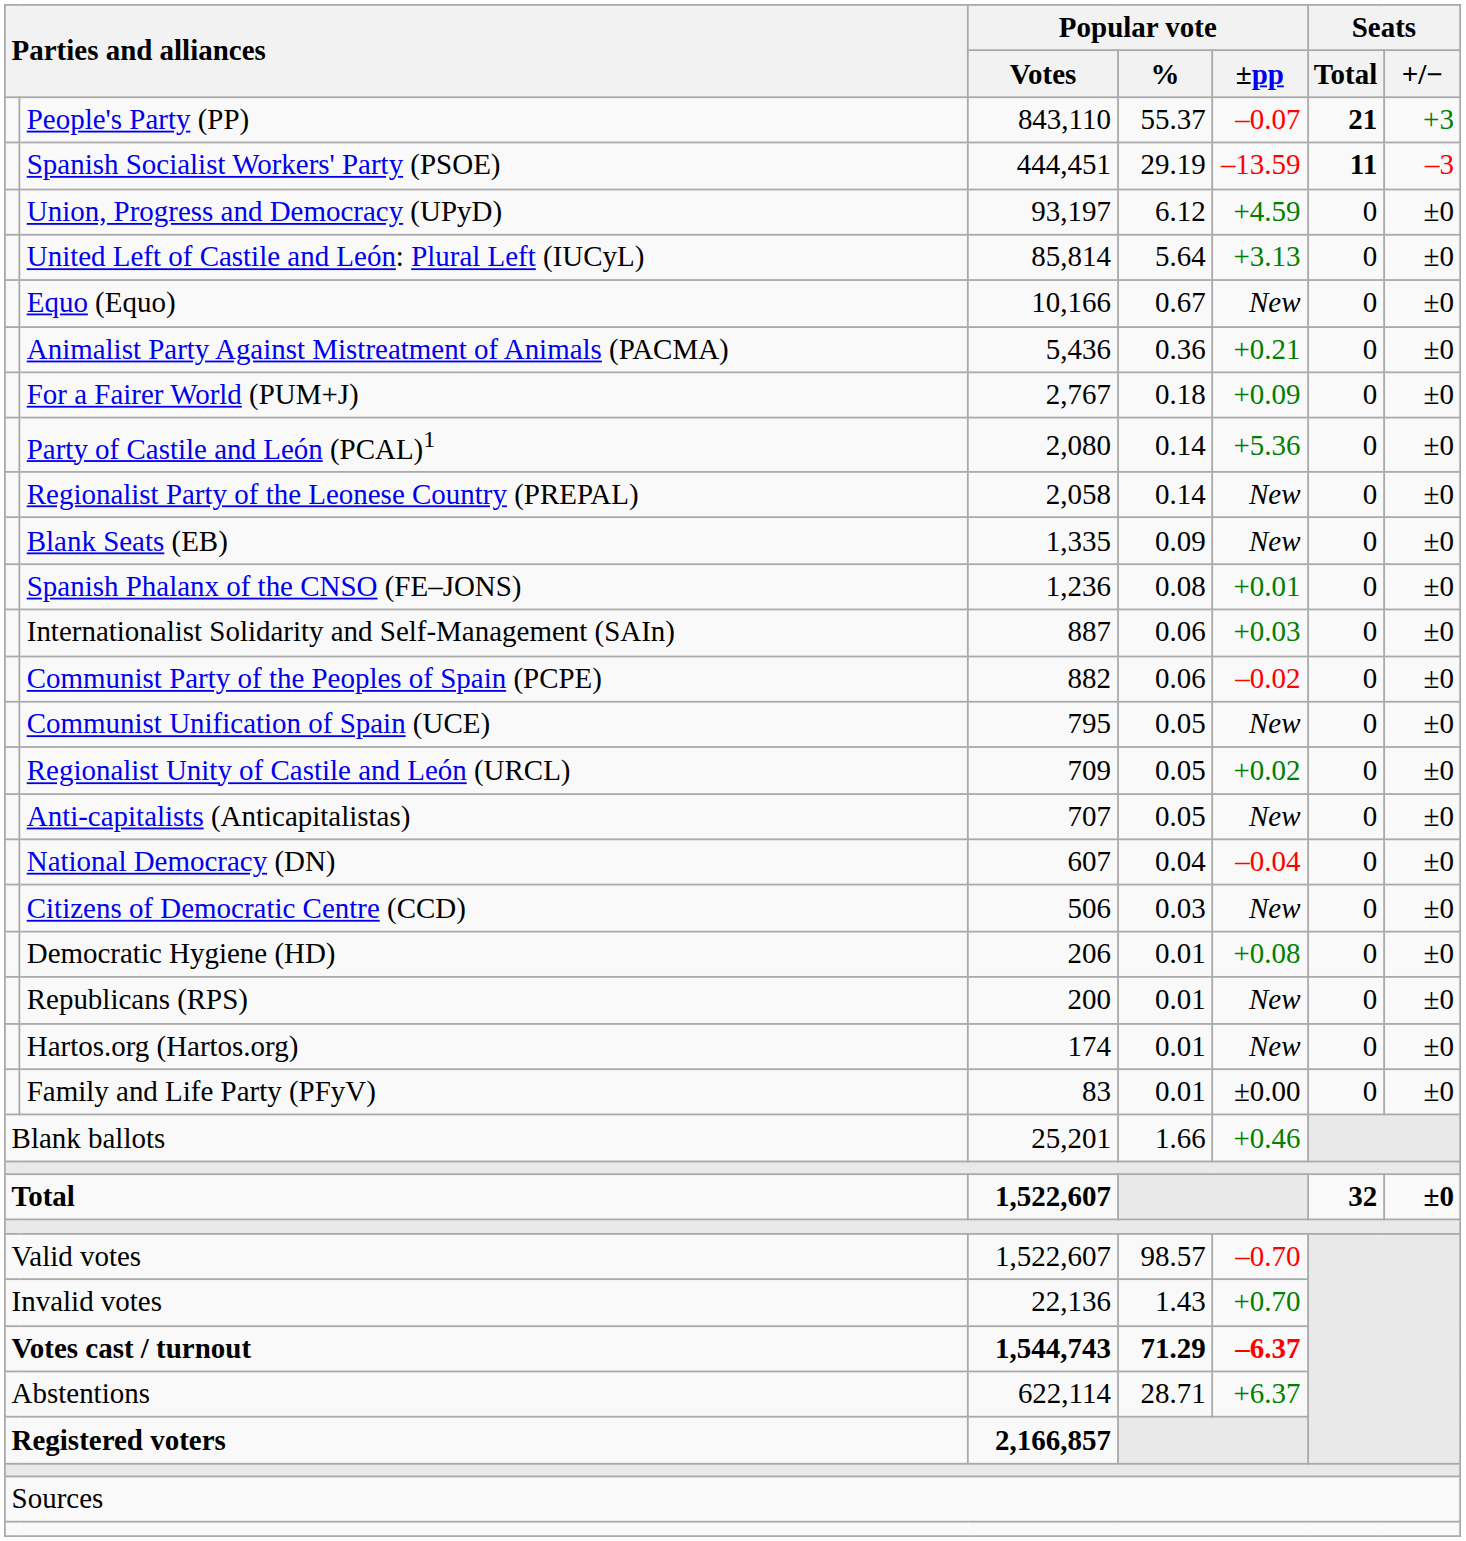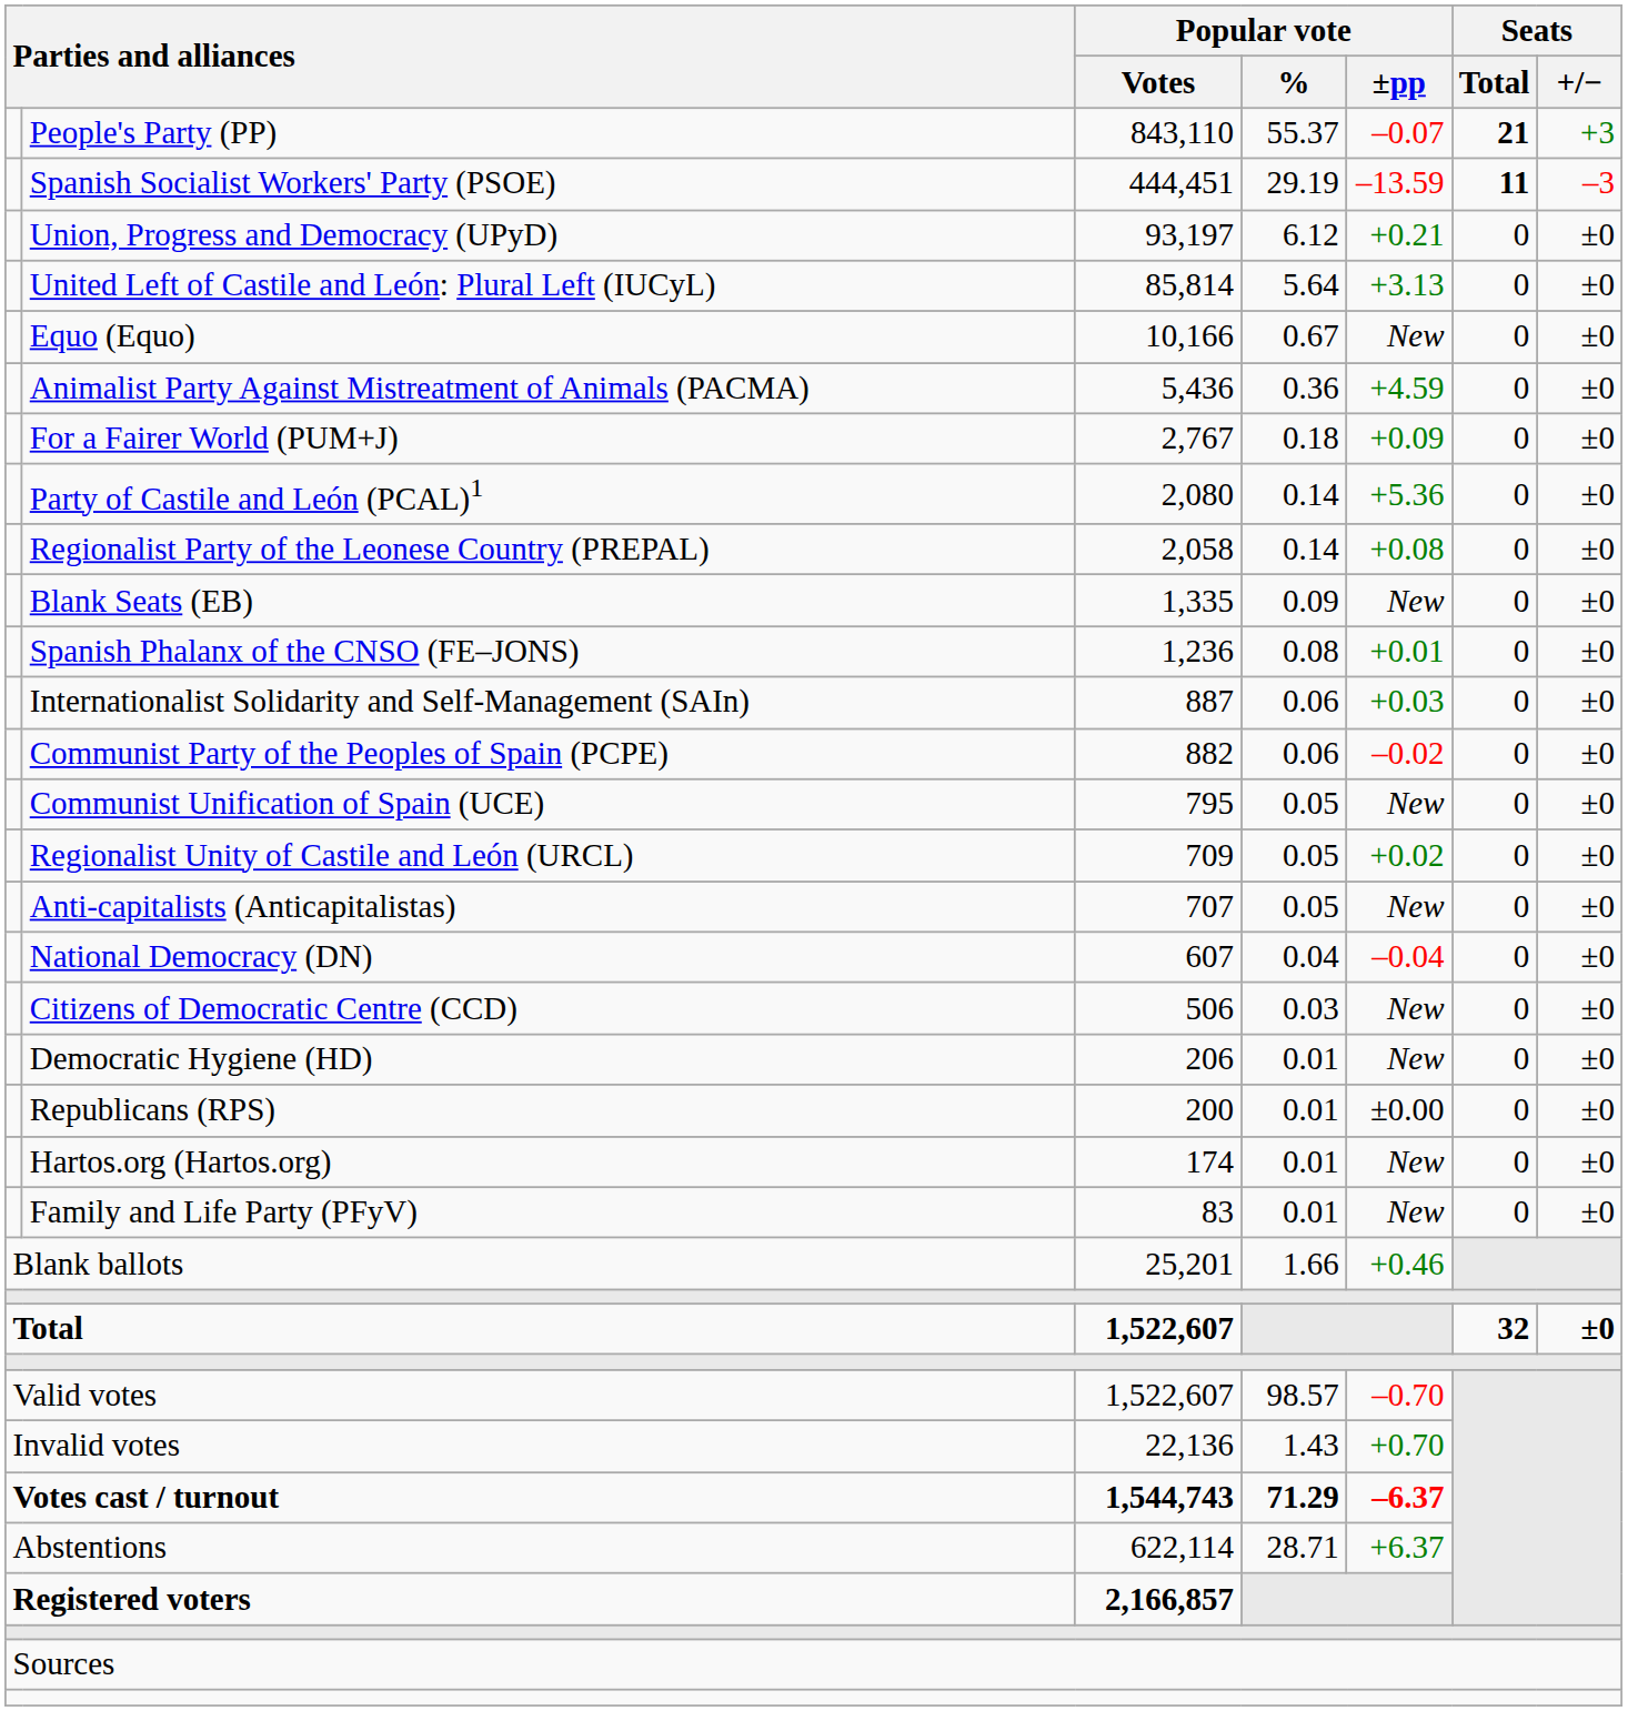 <table class="wikitable" style="text-align:right;">
 <tr>
 <th style="text-align:left;" rowspan="2" colspan="2" width="525">Parties and alliances</th>
 <th colspan="3">Popular vote</th>
 <th colspan="2">Seats</th>
 </tr>
 <tr>
 <th width="75">Votes</th>
 <th width="45">%</th>
 <th width="45">±<a href='#'>pp</a></th>
 <th width="35">Total</th>
 <th width="35">+/−</th>
 </tr>
 <tr>
 <td width="1" style="color:inherit;background:"></td>
 <td align="left"><a href='#'>People's Party</a> (PP)</td>
 <td>843,110</td>
 <td>55.37</td>
 <td style="color:red;">–0.07</td>
 <td><strong>21</strong></td>
 <td style="color:green;">+3</td>
 </tr>
 <tr>
 <td style="color:inherit;background:"></td>
 <td align="left"><a href='#'>Spanish Socialist Workers' Party</a> (PSOE)</td>
 <td>444,451</td>
 <td>29.19</td>
 <td style="color:red;">–13.59</td>
 <td><strong>11</strong></td>
 <td style="color:red;">–3</td>
 </tr>
 <tr>
 <td style="color:inherit;background:"></td>
 <td align="left"><a href='#'>Union, Progress and Democracy</a> (UPyD)</td>
 <td>93,197</td>
 <td>6.12</td>
-<td style="color:green;">+4.59</td>
+<td style="color:green;">+0.21</td>
 <td>0</td>
 <td>±0</td>
 </tr>
 <tr>
 <td style="color:inherit;background:"></td>
 <td align="left"><a href='#'>United Left of Castile and León</a>: <a href='#'>Plural Left</a> (IUCyL)</td>
 <td>85,814</td>
 <td>5.64</td>
 <td style="color:green;">+3.13</td>
 <td>0</td>
 <td>±0</td>
 </tr>
 <tr>
 <td style="color:inherit;background:"></td>
 <td align="left"><a href='#'>Equo</a> (Equo)</td>
 <td>10,166</td>
 <td>0.67</td>
 <td><em>New</em></td>
 <td>0</td>
 <td>±0</td>
 </tr>
 <tr>
 <td style="color:inherit;background:"></td>
 <td align="left"><a href='#'>Animalist Party Against Mistreatment of Animals</a> (PACMA)</td>
 <td>5,436</td>
 <td>0.36</td>
-<td style="color:green;">+0.21</td>
+<td style="color:green;">+4.59</td>
 <td>0</td>
 <td>±0</td>
 </tr>
 <tr>
 <td style="color:inherit;background:"></td>
 <td align="left"><a href='#'>For a Fairer World</a> (PUM+J)</td>
 <td>2,767</td>
 <td>0.18</td>
 <td style="color:green;">+0.09</td>
 <td>0</td>
 <td>±0</td>
 </tr>
 <tr>
 <td style="color:inherit;background:"></td>
 <td align="left"><a href='#'>Party of Castile and León</a> (PCAL)<sup>1</sup></td>
 <td>2,080</td>
 <td>0.14</td>
 <td style="color:green;">+5.36</td>
 <td>0</td>
 <td>±0</td>
 </tr>
 <tr>
 <td style="color:inherit;background:"></td>
 <td align="left"><a href='#'>Regionalist Party of the Leonese Country</a> (PREPAL)</td>
 <td>2,058</td>
 <td>0.14</td>
-<td><em>New</em></td>
+<td style="color:green;">+0.08</td>
 <td>0</td>
 <td>±0</td>
 </tr>
 <tr>
 <td style="color:inherit;background:"></td>
 <td align="left"><a href='#'>Blank Seats</a> (EB)</td>
 <td>1,335</td>
 <td>0.09</td>
 <td><em>New</em></td>
 <td>0</td>
 <td>±0</td>
 </tr>
 <tr>
 <td style="color:inherit;background:"></td>
 <td align="left"><a href='#'>Spanish Phalanx of the CNSO</a> (FE–JONS)</td>
 <td>1,236</td>
 <td>0.08</td>
 <td style="color:green;">+0.01</td>
 <td>0</td>
 <td>±0</td>
 </tr>
 <tr>
 <td style="color:inherit;background:"></td>
 <td align="left">Internationalist Solidarity and Self-Management (SAIn)</td>
 <td>887</td>
 <td>0.06</td>
 <td style="color:green;">+0.03</td>
 <td>0</td>
 <td>±0</td>
 </tr>
 <tr>
 <td style="color:inherit;background:"></td>
 <td align="left"><a href='#'>Communist Party of the Peoples of Spain</a> (PCPE)</td>
 <td>882</td>
 <td>0.06</td>
 <td style="color:red;">–0.02</td>
 <td>0</td>
 <td>±0</td>
 </tr>
 <tr>
 <td style="color:inherit;background:"></td>
 <td align="left"><a href='#'>Communist Unification of Spain</a> (UCE)</td>
 <td>795</td>
 <td>0.05</td>
 <td><em>New</em></td>
 <td>0</td>
 <td>±0</td>
 </tr>
 <tr>
 <td style="color:inherit;background:"></td>
 <td align="left"><a href='#'>Regionalist Unity of Castile and León</a> (URCL)</td>
 <td>709</td>
 <td>0.05</td>
 <td style="color:green;">+0.02</td>
 <td>0</td>
 <td>±0</td>
 </tr>
 <tr>
 <td style="color:inherit;background:"></td>
 <td align="left"><a href='#'>Anti-capitalists</a> (Anticapitalistas)</td>
 <td>707</td>
 <td>0.05</td>
 <td><em>New</em></td>
 <td>0</td>
 <td>±0</td>
 </tr>
 <tr>
 <td style="color:inherit;background:"></td>
 <td align="left"><a href='#'>National Democracy</a> (DN)</td>
 <td>607</td>
 <td>0.04</td>
 <td style="color:red;">–0.04</td>
 <td>0</td>
 <td>±0</td>
 </tr>
 <tr>
 <td style="color:inherit;background:"></td>
 <td align="left"><a href='#'>Citizens of Democratic Centre</a> (CCD)</td>
 <td>506</td>
 <td>0.03</td>
 <td><em>New</em></td>
 <td>0</td>
 <td>±0</td>
 </tr>
 <tr>
 <td style="color:inherit;background:"></td>
 <td align="left">Democratic Hygiene (HD)</td>
 <td>206</td>
 <td>0.01</td>
-<td style="color:green;">+0.08</td>
+<td><em>New</em></td>
 <td>0</td>
 <td>±0</td>
 </tr>
 <tr>
 <td style="color:inherit;background:"></td>
 <td align="left">Republicans (RPS)</td>
 <td>200</td>
 <td>0.01</td>
-<td><em>New</em></td>
+<td>±0.00</td>
 <td>0</td>
 <td>±0</td>
 </tr>
 <tr>
 <td style="color:inherit;background:"></td>
 <td align="left">Hartos.org (Hartos.org)</td>
 <td>174</td>
 <td>0.01</td>
 <td><em>New</em></td>
 <td>0</td>
 <td>±0</td>
 </tr>
 <tr>
 <td style="color:inherit;background:"></td>
 <td align="left">Family and Life Party (PFyV)</td>
 <td>83</td>
 <td>0.01</td>
-<td>±0.00</td>
+<td><em>New</em></td>
 <td>0</td>
 <td>±0</td>
 </tr>
 <tr>
 <td align="left" colspan="2">Blank ballots</td>
 <td>25,201</td>
 <td>1.66</td>
 <td style="color:green;">+0.46</td>
 <td bgcolor="#E9E9E9" colspan="2"></td>
 </tr>
 <tr>
 <td colspan="7" bgcolor="#E9E9E9"></td>
 </tr>
 <tr style="font-weight:bold;">
 <td align="left" colspan="2">Total</td>
 <td>1,522,607</td>
 <td bgcolor="#E9E9E9" colspan="2"></td>
 <td>32</td>
 <td>±0</td>
 </tr>
 <tr>
 <td colspan="7" bgcolor="#E9E9E9"></td>
 </tr>
 <tr>
 <td align="left" colspan="2">Valid votes</td>
 <td>1,522,607</td>
 <td>98.57</td>
 <td style="color:red;">–0.70</td>
 <td bgcolor="#E9E9E9" colspan="2" rowspan="5"></td>
 </tr>
 <tr>
 <td align="left" colspan="2">Invalid votes</td>
 <td>22,136</td>
 <td>1.43</td>
 <td style="color:green;">+0.70</td>
 </tr>
 <tr style="font-weight:bold;">
 <td align="left" colspan="2">Votes cast / turnout</td>
 <td>1,544,743</td>
 <td>71.29</td>
 <td style="color:red;">–6.37</td>
 </tr>
 <tr>
 <td align="left" colspan="2">Abstentions</td>
 <td>622,114</td>
 <td>28.71</td>
 <td style="color:green;">+6.37</td>
 </tr>
 <tr style="font-weight:bold;">
 <td align="left" colspan="2">Registered voters</td>
 <td>2,166,857</td>
 <td bgcolor="#E9E9E9" colspan="2"></td>
 </tr>
 <tr>
 <td colspan="7" bgcolor="#E9E9E9"></td>
 </tr>
 <tr>
 <td align="left" colspan="7">Sources</td>
 </tr>
 <tr>
 <td colspan="7" style="text-align:left; max-width:790px;"></td>
 </tr>
 </table>
